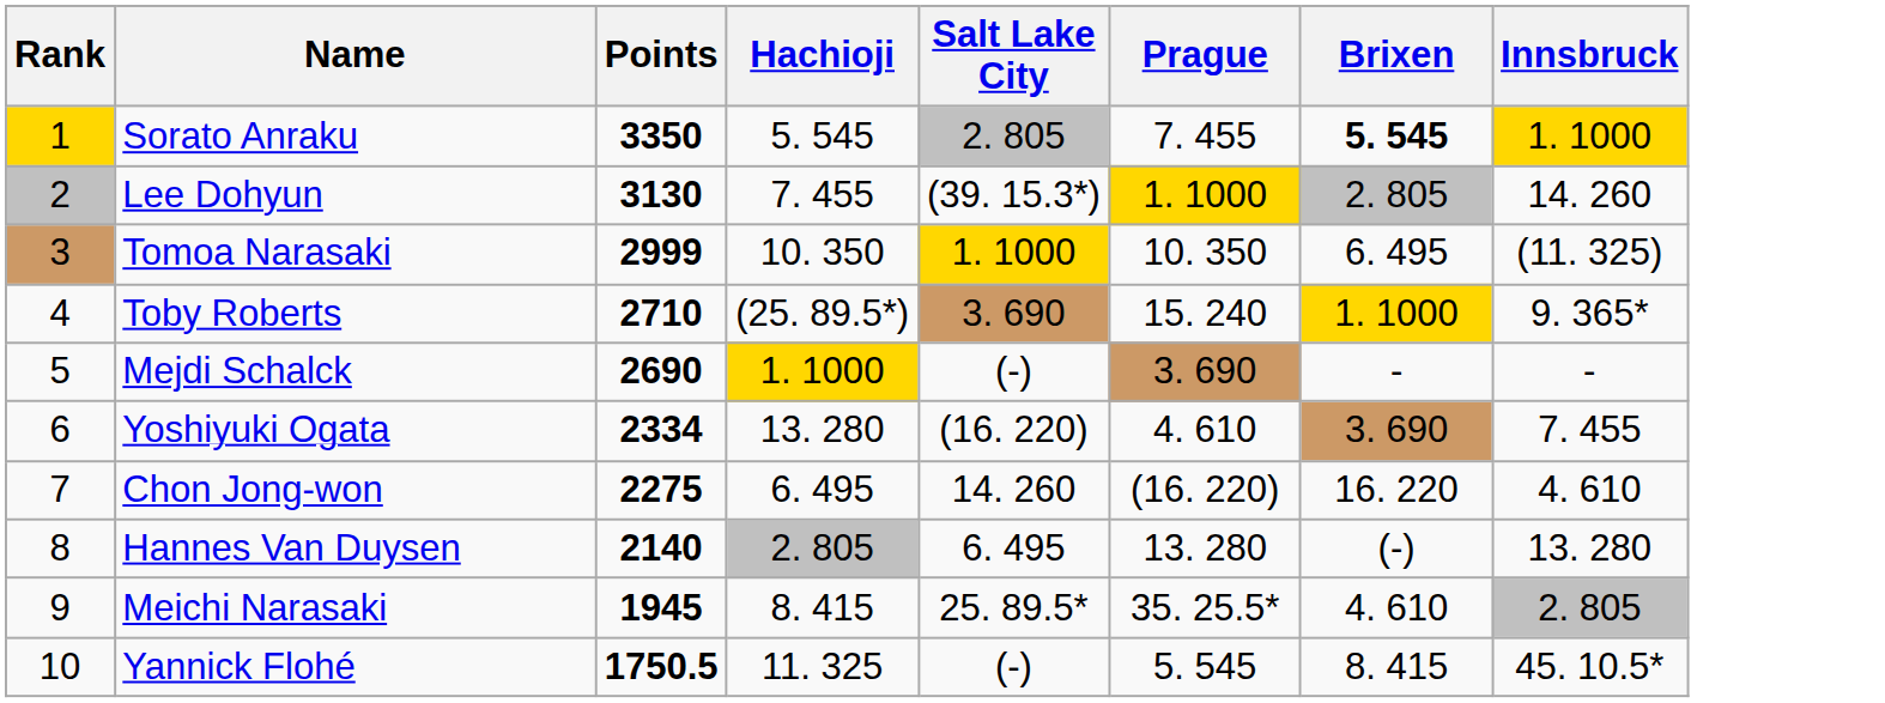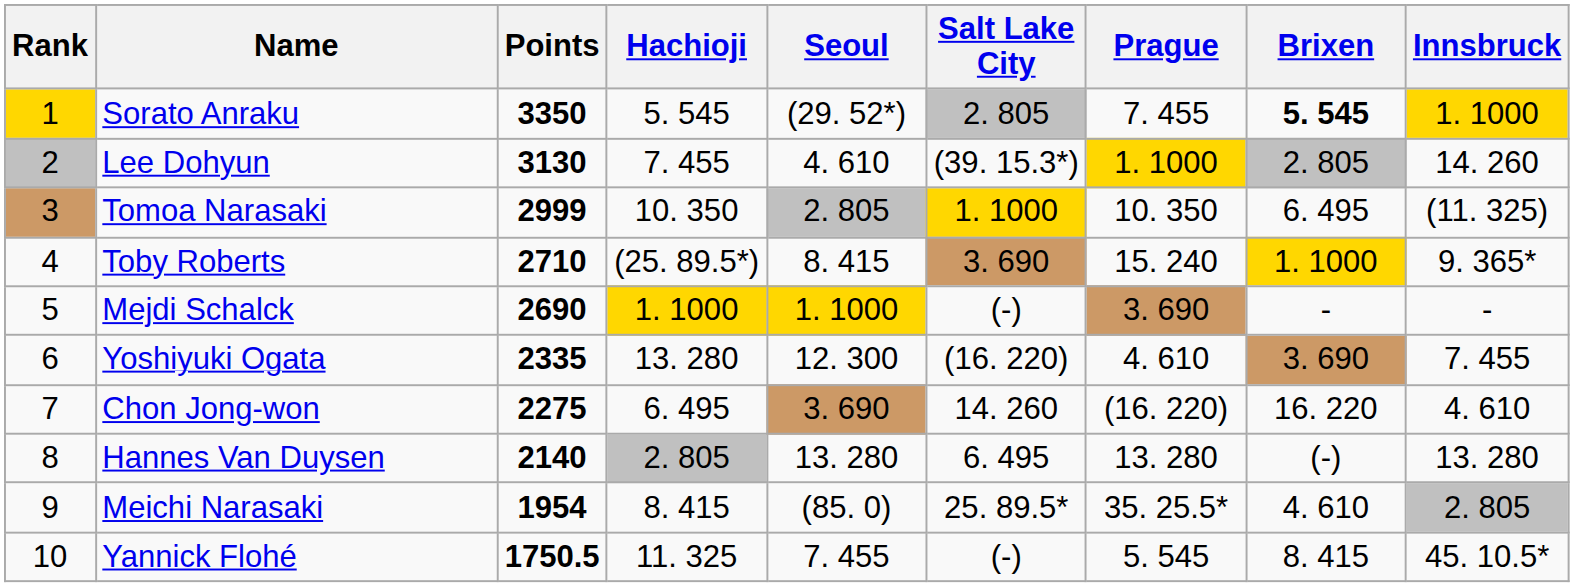 <table class="wikitable sortable">
 <tr>
 <th>Rank</th>
 <th width = "200">Name</th>
 <th>Points</th>
 <th width = "75" data-sort-type="number"><a href='#'>Hachioji</a></th>
+<th width = "75" data-sort-type="number"><a href='#'>Seoul</a></th>
 <th width = "75" data-sort-type="number"><a href='#'>Salt Lake City</a></th>
 <th width = "75" data-sort-type="number"><a href='#'>Prague</a></th>
 <th width = "75" data-sort-type="number"><a href='#'>Brixen</a></th>
 <th width = "75" data-sort-type="number"><a href='#'>Innsbruck</a></th>
 </tr>
 <tr>
 <td align="center" style="background: gold">1</td>
 <td> <a href='#'>Sorato Anraku</a></td>
 <td align="center"><strong>3350</strong></td>
 <td align="center">5. 545</td>
+<td align="center">(29. 52*)</td>
 <td align="center" style="background: silver">2. 805</td>
 <td align="center">7. 455</td>
 <td align="center"><strong>5. 545</strong></td>
 <td align="center" style="background: gold">1. 1000</td>
 </tr>
 <tr>
 <td align="center" style="background: silver">2</td>
 <td> <a href='#'>Lee Dohyun</a></td>
 <td align="center"><strong>3130</strong></td>
 <td align="center">7. 455</td>
+<td align="center">4. 610</td>
 <td align="center">(39. 15.3*)</td>
 <td align="center" style="background: gold">1. 1000</td>
 <td align="center" style="background: silver">2. 805</td>
 <td align="center">14. 260</td>
 </tr>
 <tr>
 <td align="center" style="background: #cc9966">3</td>
 <td> <a href='#'>Tomoa Narasaki</a></td>
 <td align="center"><strong>2999</strong></td>
 <td align="center">10. 350</td>
+<td align="center" style="background: silver">2. 805</td>
 <td align="center" style="background: gold">1. 1000</td>
 <td align="center">10. 350</td>
 <td align="center">6. 495</td>
 <td align="center">(11. 325)</td>
 </tr>
 <tr>
 <td align="center">4</td>
 <td> <a href='#'>Toby Roberts</a></td>
 <td align="center"><strong>2710</strong></td>
 <td align="center">(25. 89.5*)</td>
+<td align="center">8. 415</td>
 <td align="center" style="background: #cc9966">3. 690</td>
 <td align="center">15. 240</td>
 <td align="center" style="background: gold">1. 1000</td>
 <td align="center">9. 365*</td>
 </tr>
 <tr>
 <td align="center">5</td>
 <td> <a href='#'>Mejdi Schalck</a></td>
 <td align="center"><strong>2690</strong></td>
 <td align="center" style="background: gold">1. 1000</td>
+<td align="center" style="background: gold">1. 1000</td>
 <td align="center">(-)</td>
 <td align="center" style="background: #cc9966">3. 690</td>
 <td align="center">-</td>
 <td align="center">-</td>
 </tr>
 <tr>
 <td align="center">6</td>
 <td> <a href='#'>Yoshiyuki Ogata</a></td>
-<td align="center"><strong>2334</strong></td>
+<td align="center"><strong>2335</strong></td>
 <td align="center">13. 280</td>
+<td align="center">12. 300</td>
 <td align="center">(16. 220)</td>
 <td align="center">4. 610</td>
 <td align="center" style="background: #cc9966">3. 690</td>
 <td align="center">7. 455</td>
 </tr>
 <tr>
 <td align="center">7</td>
 <td> <a href='#'>Chon Jong-won</a></td>
 <td align="center"><strong>2275</strong></td>
 <td align="center">6. 495</td>
+<td align="center" style="background: #cc9966">3. 690</td>
 <td align="center">14. 260</td>
 <td align="center">(16. 220)</td>
 <td align="center">16. 220</td>
 <td align="center">4. 610</td>
 </tr>
 <tr>
 <td align="center">8</td>
 <td> <a href='#'>Hannes Van Duysen</a></td>
 <td align="center"><strong>2140</strong></td>
 <td align="center" style="background: silver">2. 805</td>
+<td align="center">13. 280</td>
 <td align="center">6. 495</td>
 <td align="center">13. 280</td>
 <td align="center">(-)</td>
 <td align="center">13. 280</td>
 </tr>
 <tr>
 <td align="center">9</td>
 <td> <a href='#'>Meichi Narasaki</a></td>
-<td align="center"><strong>1945</strong></td>
+<td align="center"><strong>1954</strong></td>
 <td align="center">8. 415</td>
+<td align="center">(85. 0)</td>
 <td align="center">25. 89.5*</td>
 <td align="center">35. 25.5*</td>
 <td align="center">4. 610</td>
 <td align="center" style="background: silver">2. 805</td>
 </tr>
 <tr>
 <td align="center">10</td>
 <td> <a href='#'>Yannick Flohé</a></td>
 <td align="center"><strong>1750.5</strong></td>
 <td align="center">11. 325</td>
+<td align="center">7. 455</td>
 <td align="center">(-)</td>
 <td align="center">5. 545</td>
 <td align="center">8. 415</td>
 <td align="center">45. 10.5*</td>
 </tr>
 </table>
